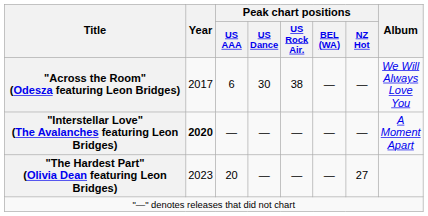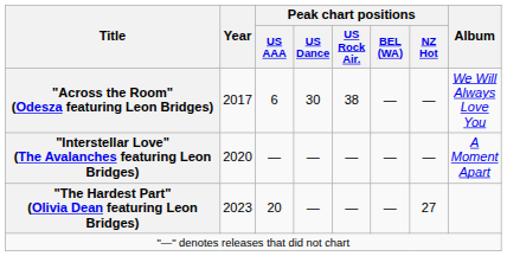 <table class="wikitable plainrowheaders" style="text-align:center;">
 <tr>
 <th scope="col" rowspan="2" style="width:16em;">Title</th>
 <th scope="col" rowspan="2" style="width:1em;">Year</th>
 <th scope="col" colspan="5">Peak chart positions</th>
 <th scope="col" rowspan="2">Album</th>
 </tr>
 <tr>
 <th scope="col" style="width:3em;font-size:85%;"><a href='#'>US<br>AAA</a><br></th>
 <th scope="col" style="width:3em;font-size:85%;"><a href='#'>US<br>Dance</a><br></th>
 <th scope="col" style="width:3em;font-size:85%;"><a href='#'>US<br>Rock<br>Air.</a><br></th>
 <th scope="col" style="width:3em;font-size:85%;"><a href='#'>BEL (WA)</a><br></th>
 <th scope="col" style="width:3em;font-size:85%;"><a href='#'>NZ<br>Hot</a><br></th>
 </tr>
 <tr>
 <th scope="row">"Across the Room"<br><span>(<a href='#'>Odesza</a> featuring Leon Bridges)</span></th>
 <td>2017</td>
 <td>6</td>
 <td>30</td>
 <td>38</td>
 <td>—</td>
 <td>—</td>
 <td><em><a href='#'>We Will Always Love You</a></em></td>
 </tr>
 <tr>
 <th scope="row">"Interstellar Love" <br><span>(<a href='#'>The Avalanches</a> featuring Leon Bridges)</span></th>
-<td><strong>2020</strong></td>
+<td>2020</td>
 <td>—</td>
 <td>—</td>
 <td>—</td>
 <td>—</td>
 <td>—</td>
 <td><em><a href='#'>A Moment Apart</a></em></td>
 </tr>
 <tr>
 <th scope="row">"The Hardest Part" <br><span>(<a href='#'>Olivia Dean</a> featuring Leon Bridges)</span></th>
 <td>2023</td>
 <td>20</td>
 <td>—</td>
 <td>—</td>
 <td>—</td>
 <td>27</td>
 <td></td>
 </tr>
 <tr>
 <td colspan="15" style="font-size:85%">"—" denotes releases that did not chart</td>
 </tr>
 </table>
